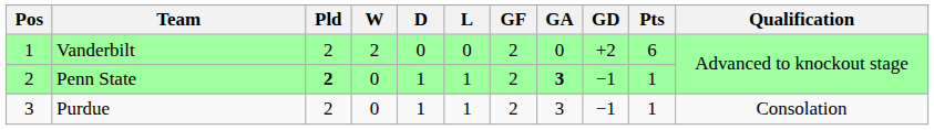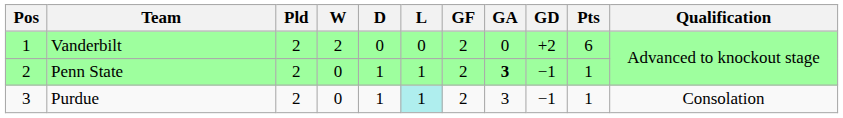 <table class="wikitable" style="text-align:center; margin: 1em auto">
 <tr>
 <th style="width:2em">Pos</th>
 <th style="width:13em">Team</th>
 <th style="width:2em">Pld</th>
 <th style="width:2em">W</th>
 <th style="width:2em">D</th>
 <th style="width:2em">L</th>
 <th style="width:2em">GF</th>
 <th style="width:2em">GA</th>
 <th style="width:2em">GD</th>
 <th style="width:2em">Pts</th>
 <th style="width:13em">Qualification</th>
 </tr>
 <tr bgcolor="#9eff9e">
 <td>1</td>
 <td style="text-align:left">Vanderbilt</td>
 <td>2</td>
 <td>2</td>
 <td>0</td>
 <td>0</td>
 <td>2</td>
 <td>0</td>
 <td>+2</td>
 <td>6</td>
 <td rowspan="2">Advanced to knockout stage</td>
 </tr>
 <tr bgcolor="#9eff9e">
 <td>2</td>
 <td style="text-align:left">Penn State</td>
-<td><strong>2</strong></td>
+<td>2</td>
 <td>0</td>
 <td>1</td>
 <td>1</td>
 <td>2</td>
 <td><strong>3</strong></td>
 <td>−1</td>
 <td>1</td>
 </tr>
 <tr>
 <td>3</td>
 <td style="text-align:left">Purdue</td>
 <td>2</td>
 <td>0</td>
 <td>1</td>
-<td>1</td>
+<td style="background: paleturquoise;">1</td>
 <td>2</td>
 <td>3</td>
 <td>−1</td>
 <td>1</td>
 <td>Consolation</td>
 </tr>
 </table>
